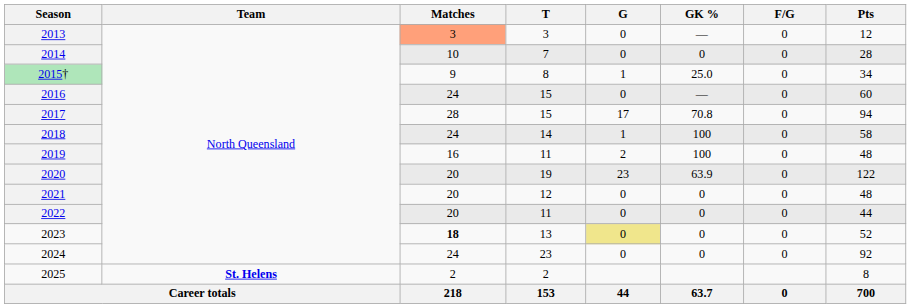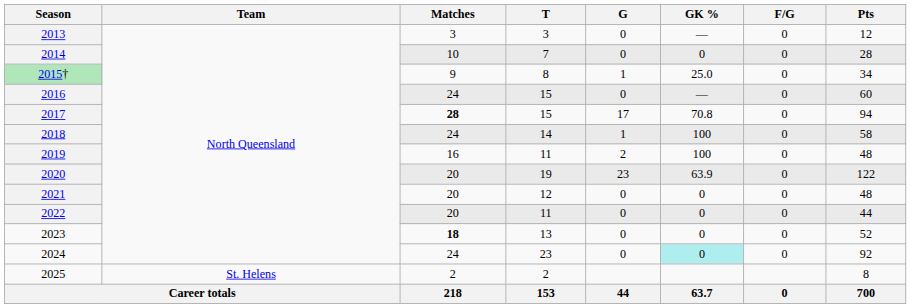 <table class="wikitable sortable"  style="font-size:90%; text-align:center; width:85%;">
 <tr>
 <th width=2%>Season</th>
 <th width=8%>Team</th>
 <th width=2%>Matches</th>
 <th width=2%>T</th>
 <th width=2%>G</th>
 <th width=2%>GK %</th>
 <th width=2%>F/G</th>
 <th width=2%>Pts</th>
 </tr>
 <tr>
 <th scope="row" style="text-align:center; font-weight:normal"><a href='#'>2013</a></th>
 <td rowspan="12" style="text-align:center;"> <a href='#'>North Queensland</a></td>
-<td style="background: lightsalmon;">3</td>
+<td>3</td>
 <td>3</td>
 <td>0</td>
 <td>—</td>
 <td>0</td>
 <td>12</td>
 </tr>
 <tr style="background:#eaeaea;">
 <th scope="row" style="text-align:center; font-weight:normal"><a href='#'>2014</a></th>
 <td>10</td>
 <td>7</td>
 <td>0</td>
 <td>0</td>
 <td>0</td>
 <td>28</td>
 </tr>
 <tr>
 <th scope="row" style="text-align:center; font-weight:normal; background:#afe6ba;"><a href='#'>2015</a>†</th>
 <td>9</td>
 <td>8</td>
 <td>1</td>
 <td>25.0</td>
 <td>0</td>
 <td>34</td>
 </tr>
 <tr style="background:#eaeaea;">
 <th scope="row" style="text-align:center; font-weight:normal"><a href='#'>2016</a></th>
 <td>24</td>
 <td>15</td>
 <td>0</td>
 <td>—</td>
 <td>0</td>
 <td>60</td>
 </tr>
 <tr>
 <th scope="row" style="text-align:center; font-weight:normal"><a href='#'>2017</a></th>
-<td>28</td>
+<td><strong>28</strong></td>
 <td>15</td>
 <td>17</td>
 <td>70.8</td>
 <td>0</td>
 <td>94</td>
 </tr>
 <tr style="background:#eaeaea;">
 <th scope="row" style="text-align:center; font-weight:normal"><a href='#'>2018</a></th>
 <td>24</td>
 <td>14</td>
 <td>1</td>
 <td>100</td>
 <td>0</td>
 <td>58</td>
 </tr>
 <tr>
 <th scope="row" style="text-align:center; font-weight:normal"><a href='#'>2019</a></th>
 <td>16</td>
 <td>11</td>
 <td>2</td>
 <td>100</td>
 <td>0</td>
 <td>48</td>
 </tr>
 <tr style="background:#eaeaea;">
 <th scope="row" style="text-align:center; font-weight:normal"><a href='#'>2020</a></th>
 <td>20</td>
 <td>19</td>
 <td>23</td>
 <td>63.9</td>
 <td>0</td>
 <td>122</td>
 </tr>
 <tr>
 <th scope="row" style="text-align:center; font-weight:normal"><a href='#'>2021</a></th>
 <td>20</td>
 <td>12</td>
 <td>0</td>
 <td>0</td>
 <td>0</td>
 <td>48</td>
 </tr>
 <tr style="background:#eaeaea;">
 <th scope="row" style="text-align:center; font-weight:normal"><a href='#'>2022</a></th>
 <td>20</td>
 <td>11</td>
 <td>0</td>
 <td>0</td>
 <td>0</td>
 <td>44</td>
 </tr>
 <tr>
 <td>2023</td>
 <td><strong>18</strong></td>
 <td>13</td>
-<td style="background: khaki;">0</td>
+<td>0</td>
 <td>0</td>
 <td>0</td>
 <td>52</td>
 </tr>
 <tr>
 <td>2024</td>
 <td>24</td>
 <td>23</td>
 <td>0</td>
-<td>0</td>
+<td style="background: paleturquoise;">0</td>
 <td>0</td>
 <td>92</td>
 </tr>
 <tr>
 <td>2025</td>
-<td><strong> <a href='#'>St. Helens</a></strong></td>
+<td> <a href='#'>St. Helens</a></td>
 <td>2</td>
 <td>2</td>
 <td></td>
 <td></td>
 <td></td>
 <td>8</td>
 </tr>
 <tr class="sortbottom">
 <th colspan="2">Career totals</th>
 <th>218</th>
 <th>153</th>
 <th>44</th>
 <th>63.7</th>
 <th>0</th>
 <th>700</th>
 </tr>
 </table>
